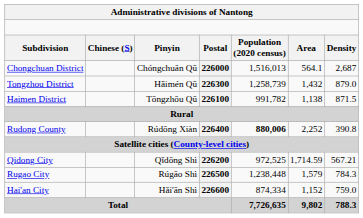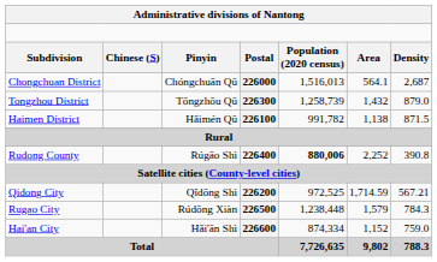 <table class="wikitable"  style="font-size:90%; margin:auto;">
 <tr>
 <th colspan="8">Administrative divisions of Nantong</th>
 </tr>
 <tr>
 <td colspan="8"><div><br>         </div></td>
 </tr>
 <tr>
 <th>Subdivision</th>
 <th>Chinese (<a href='#'>S</a>)</th>
 <th>Pinyin</th>
 <th>Postal</th>
 <th>Population<br>(2020 census)</th>
 <th>Area </th>
 <th>Density </th>
 </tr>
 <tr>
 <td align=left><a href='#'>Chongchuan District</a></td>
 <td align=left></td>
 <td align=right>Chóngchuān Qū</td>
 <th align=left>226000</th>
 <td align=right>1,516,013</td>
 <td align=right>564.1</td>
 <td align=right>2,687</td>
 </tr>
 <tr>
 <td align=left><a href='#'>Tongzhou District</a></td>
 <td align=left></td>
-<td align=right>Hǎimén Qū</td>
+<td align=right>Tōngzhōu Qū</td>
 <th align=left>226300</th>
 <td align=right>1,258,739</td>
 <td align=right>1,432</td>
 <td align=right>879.0</td>
 </tr>
 <tr>
 <td align=left><a href='#'>Haimen District</a></td>
 <td align=left></td>
-<td align=right>Tōngzhōu Qū</td>
+<td align=right>Hǎimén Qū</td>
 <th align=left>226100</th>
 <td align=right>991,782</td>
 <td align=right>1,138</td>
 <td align=right>871.5</td>
 </tr>
 <tr style="background:#d3d3d3;">
 <td colspan="7"  style="text-align:center; "><strong>Rural</strong></td>
 </tr>
 <tr>
 <td align=left><a href='#'>Rudong County</a></td>
 <td align=left></td>
-<td align=right>Rúdōng Xiàn</td>
+<td align=right>Rúgāo Shì</td>
 <th align=left>226400</th>
 <td align=right><strong>880,006</strong></td>
 <td align=right>2,252</td>
 <td align=right>390.8</td>
 </tr>
 <tr style="background:#d3d3d3;">
 <td colspan="7"  style="text-align:center; "><strong>Satellite cities (<a href='#'>County-level cities</a>)</strong></td>
 </tr>
 <tr>
 <td align=left><a href='#'>Qidong City</a></td>
 <td align=left></td>
 <td align=right>Qǐdōng Shì</td>
 <th align=left>226200</th>
 <td align=right>972,525</td>
 <td align=right>1,714.59</td>
 <td align=right>567.21</td>
 </tr>
 <tr>
 <td align=left><a href='#'>Rugao City</a></td>
 <td align=left></td>
-<td align=right>Rúgāo Shì</td>
+<td align=right>Rúdōng Xiàn</td>
 <th align=left>226500</th>
 <td align=right>1,238,448</td>
 <td align=right>1,579</td>
 <td align=right>784.3</td>
 </tr>
 <tr>
 <td align=left><a href='#'>Hai'an City</a></td>
 <td align=left></td>
 <td align=right>Hǎi'ān Shì</td>
 <th align=left>226600</th>
 <td align=right>874,334</td>
 <td align=right>1,152</td>
 <td align=right>759.0</td>
 </tr>
 <tr style="background:#d3d3d3;">
 <td colspan=4 style="text-align:center; "><strong>Total</strong></td>
 <td align=right><strong>7,726,635</strong></td>
 <td align=right><strong>9,802</strong></td>
 <td align=right><strong>788.3</strong></td>
 </tr>
 </table>
